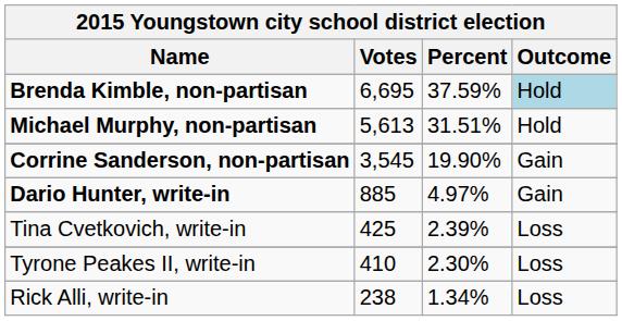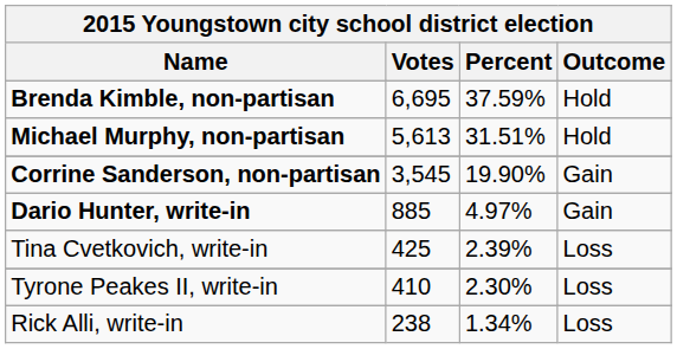 <table class="wikitable">
 <tr>
 <th colspan=4>2015 Youngstown city school district election<br> </th>
 </tr>
 <tr>
 <th>Name</th>
 <th>Votes</th>
 <th>Percent</th>
 <th>Outcome</th>
 </tr>
 <tr>
 </tr>
 <tr>
 <td><strong>Brenda Kimble, non-partisan</strong></td>
 <td>6,695</td>
 <td>37.59%</td>
-<td style="background: lightblue;">Hold</td>
+<td>Hold</td>
 </tr>
 <tr>
 </tr>
 <tr>
 <td><strong>Michael Murphy, non-partisan</strong></td>
 <td>5,613</td>
 <td>31.51%</td>
 <td>Hold</td>
 </tr>
 <tr>
 </tr>
 <tr>
 <td><strong>Corrine Sanderson, non-partisan</strong></td>
 <td>3,545</td>
 <td>19.90%</td>
 <td>Gain</td>
 </tr>
 <tr>
 </tr>
 <tr>
 <td><strong>Dario Hunter, write-in</strong></td>
 <td>885</td>
 <td>4.97%</td>
 <td>Gain</td>
 </tr>
 <tr>
 </tr>
 <tr>
 <td>Tina Cvetkovich, write-in</td>
 <td>425</td>
 <td>2.39%</td>
 <td>Loss</td>
 </tr>
 <tr>
 </tr>
 <tr>
 <td>Tyrone Peakes II, write-in</td>
 <td>410</td>
 <td>2.30%</td>
 <td>Loss</td>
 </tr>
 <tr>
 </tr>
 <tr>
 <td>Rick Alli, write-in</td>
 <td>238</td>
 <td>1.34%</td>
 <td>Loss</td>
 </tr>
 </table>
